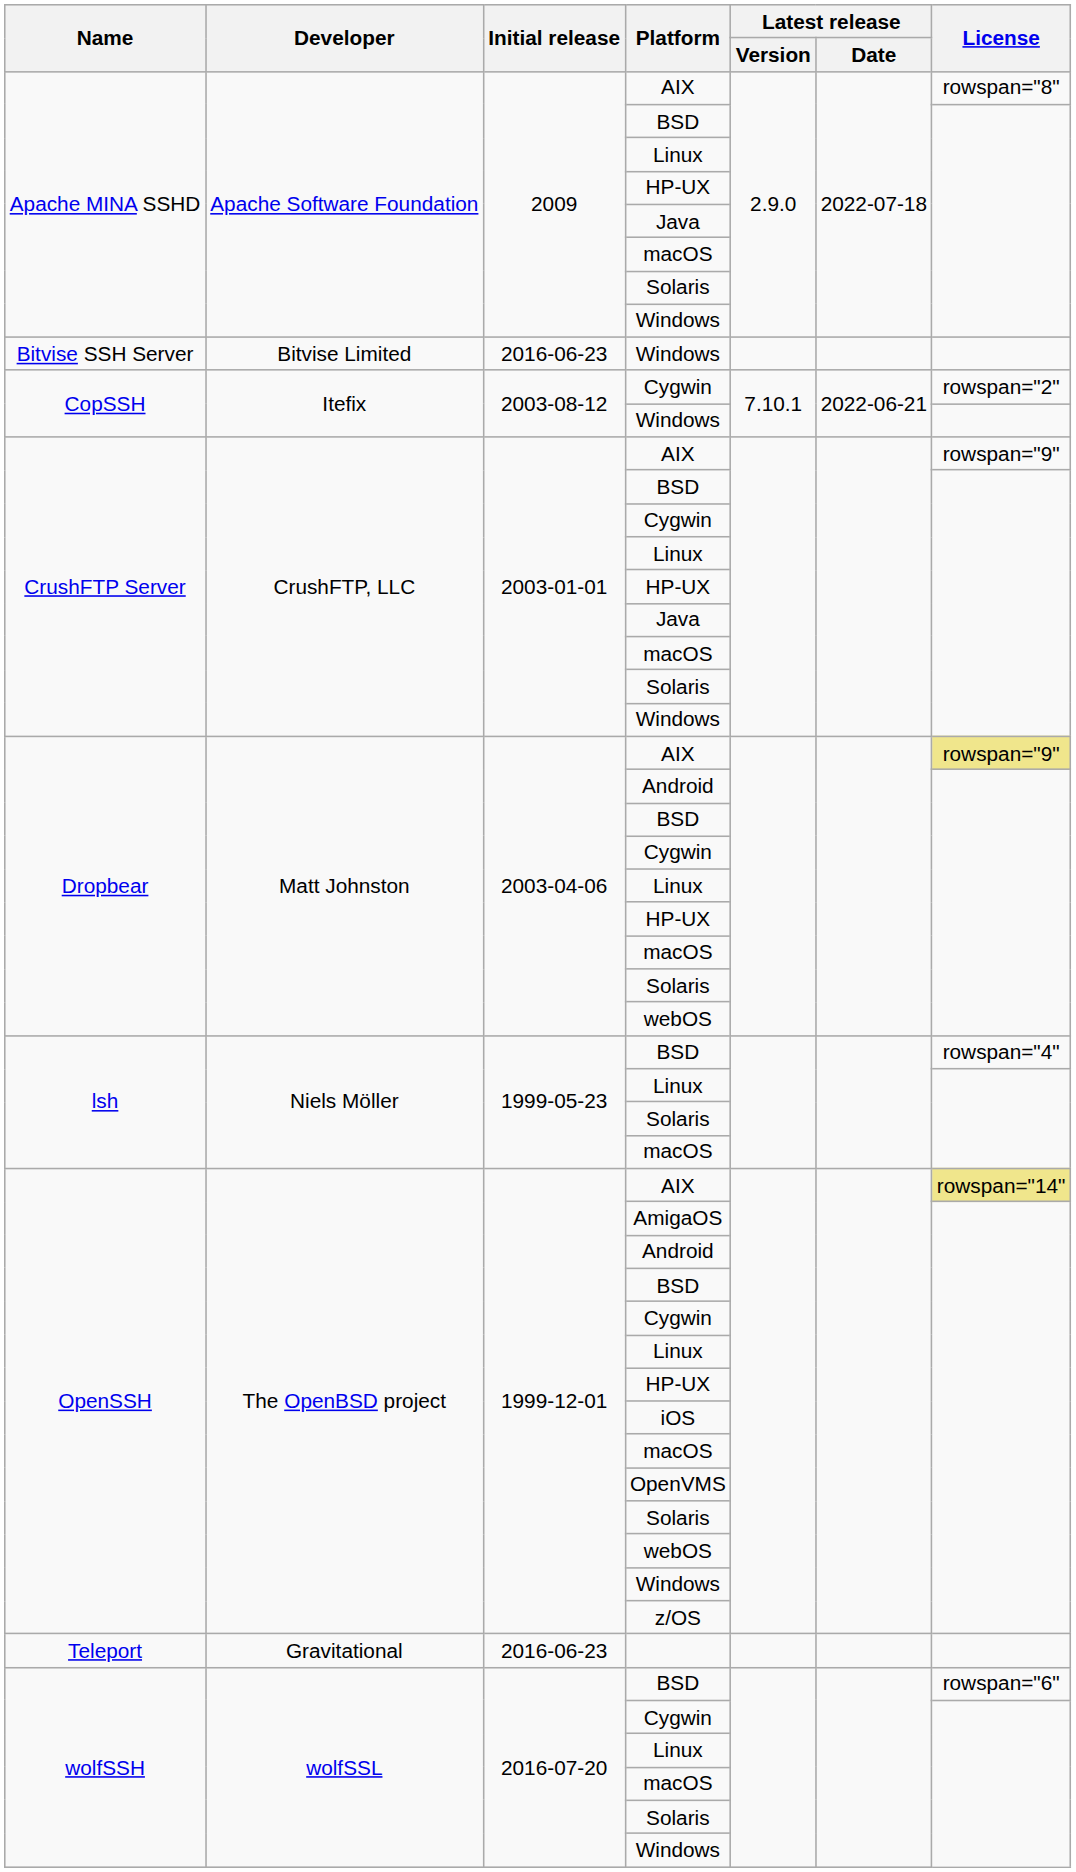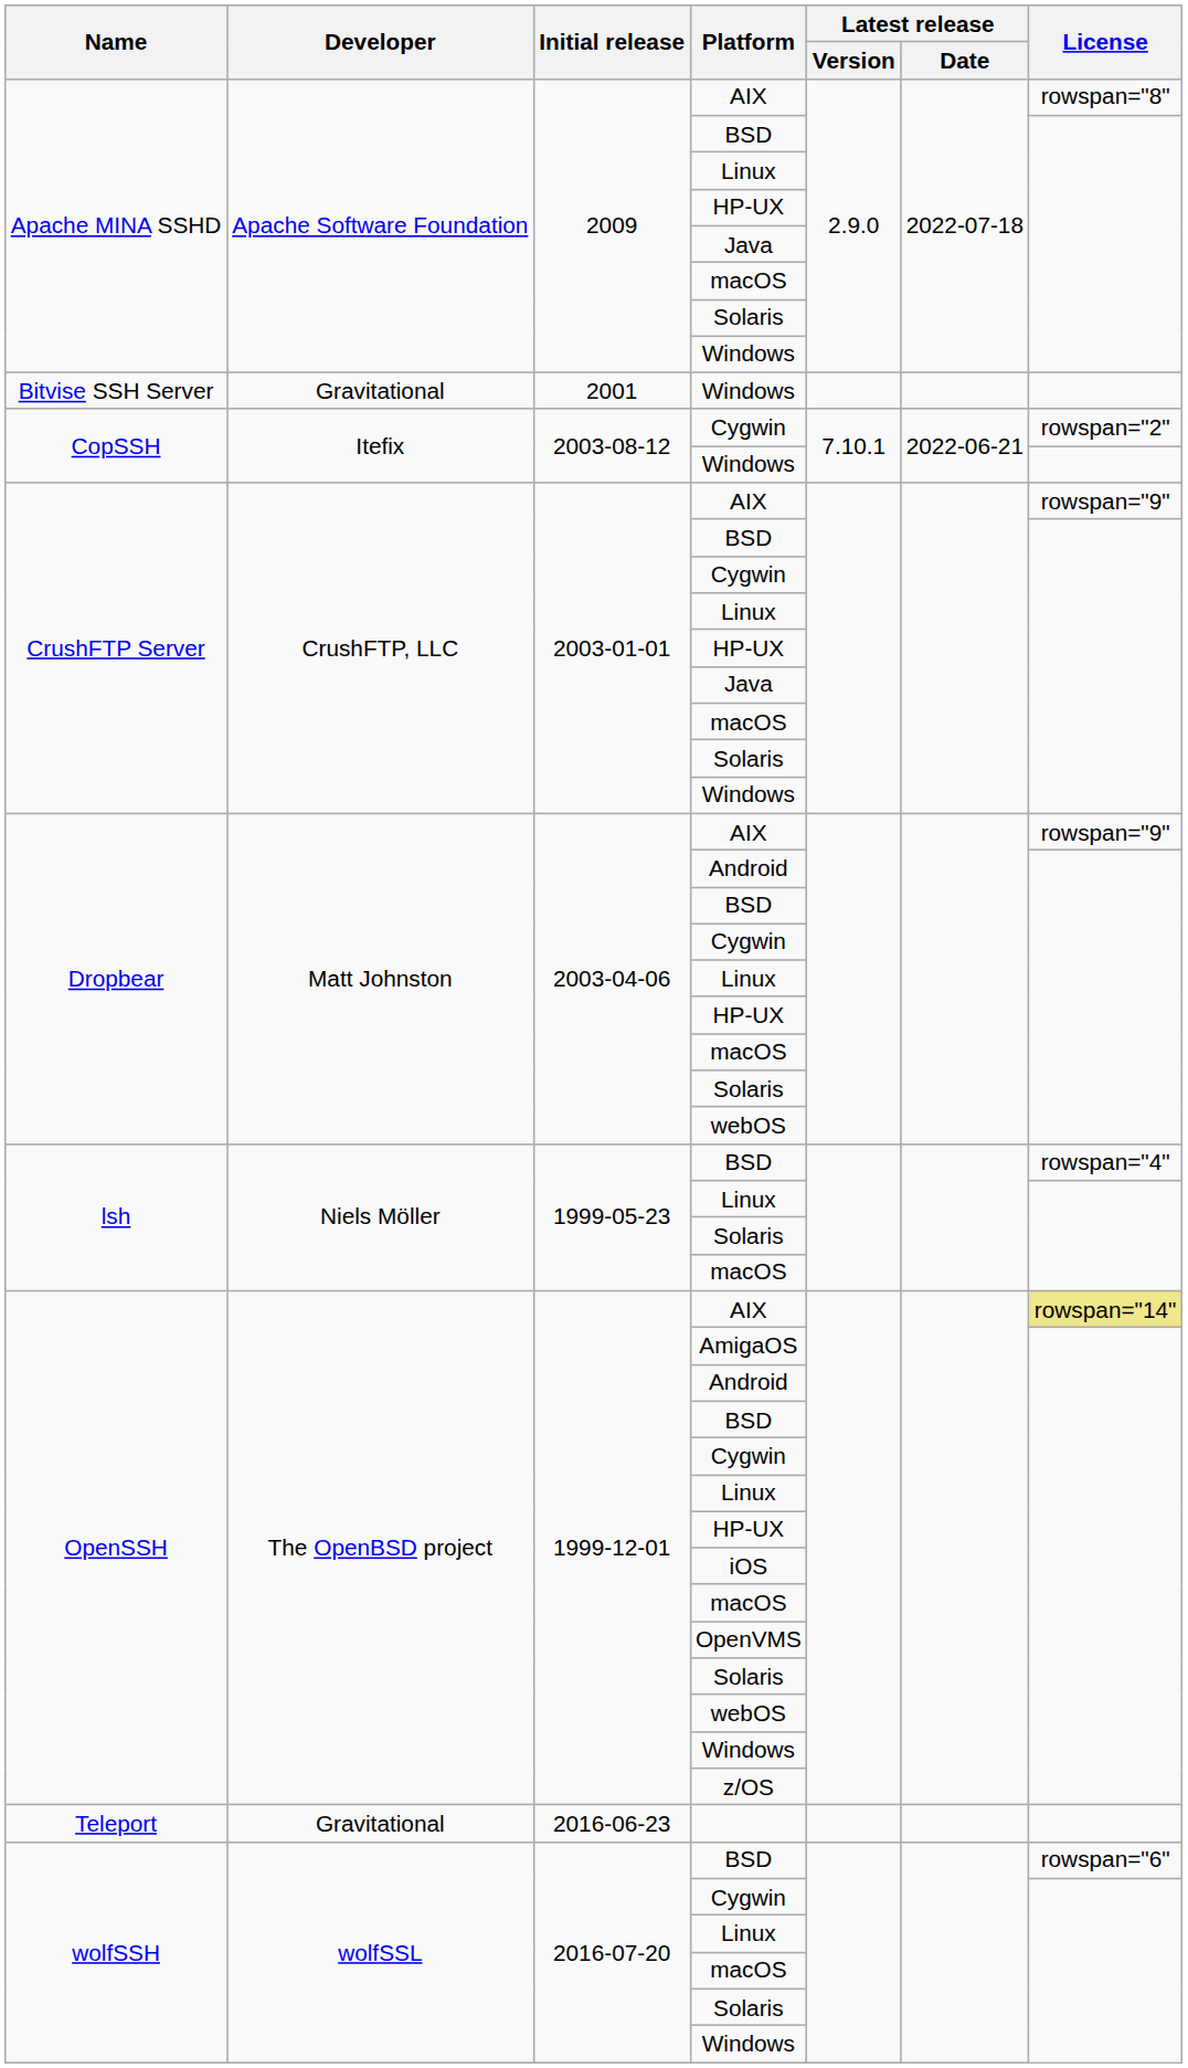 <table class="wikitable sortable" style="font-size: smaller; text-align: center; width: auto">
 <tr>
 <th rowspan="2">Name</th>
 <th rowspan="2">Developer</th>
 <th rowspan="2">Initial release</th>
 <th rowspan="2">Platform</th>
 <th colspan="2">Latest release</th>
 <th rowspan="2"><a href='#'>License</a></th>
 </tr>
 <tr>
 <th>Version </th>
 <th>Date </th>
 </tr>
 <tr>
 <td rowspan="8" ><a href='#'>Apache MINA</a> SSHD</td>
 <td rowspan="8"><a href='#'>Apache Software Foundation</a></td>
 <td rowspan="8">2009</td>
 <td>AIX</td>
 <td rowspan="8">2.9.0</td>
 <td rowspan="8">2022-07-18</td>
 <td>rowspan="8" </td>
 </tr>
 <tr>
 <td>BSD</td>
 </tr>
 <tr>
 <td>Linux</td>
 </tr>
 <tr>
 <td>HP-UX</td>
 </tr>
 <tr>
 <td>Java</td>
 </tr>
 <tr>
 <td>macOS</td>
 </tr>
 <tr>
 <td>Solaris</td>
 </tr>
 <tr>
 <td>Windows</td>
 </tr>
 <tr>
 <td><a href='#'>Bitvise</a> SSH Server</td>
-<td>Bitvise Limited</td>
-<td>2016-06-23</td>
+<td>Gravitational</td>
+<td>2001</td>
 <td>Windows</td>
 <td></td>
 <td></td>
 <td></td>
 </tr>
 <tr>
 <td rowspan="2" ><a href='#'>CopSSH</a></td>
 <td rowspan="2">Itefix</td>
 <td rowspan="2">2003-08-12</td>
 <td>Cygwin</td>
 <td rowspan="2">7.10.1</td>
 <td rowspan="2">2022-06-21</td>
 <td>rowspan="2" </td>
 </tr>
 <tr>
 <td>Windows</td>
 </tr>
 <tr>
 <td rowspan="9" ><a href='#'>CrushFTP Server</a></td>
 <td rowspan="9">CrushFTP, LLC</td>
 <td rowspan="9">2003-01-01</td>
 <td>AIX</td>
 <td rowspan="9"></td>
 <td rowspan="9"></td>
 <td>rowspan="9" </td>
 </tr>
 <tr>
 <td>BSD</td>
 </tr>
 <tr>
 <td>Cygwin</td>
 </tr>
 <tr>
 <td>Linux</td>
 </tr>
 <tr>
 <td>HP-UX</td>
 </tr>
 <tr>
 <td>Java</td>
 </tr>
 <tr>
 <td>macOS</td>
 </tr>
 <tr>
 <td>Solaris</td>
 </tr>
 <tr>
 <td>Windows</td>
 </tr>
 <tr>
 <td rowspan="9" ><a href='#'>Dropbear</a></td>
 <td rowspan="9">Matt Johnston</td>
 <td rowspan="9">2003-04-06</td>
 <td>AIX</td>
 <td rowspan="9"></td>
 <td rowspan="9"></td>
-<td style="background: khaki;">rowspan="9" </td>
+<td>rowspan="9" </td>
 </tr>
 <tr>
 <td>Android</td>
 </tr>
 <tr>
 <td>BSD</td>
 </tr>
 <tr>
 <td>Cygwin</td>
 </tr>
 <tr>
 <td>Linux</td>
 </tr>
 <tr>
 <td>HP-UX</td>
 </tr>
 <tr>
 <td>macOS</td>
 </tr>
 <tr>
 <td>Solaris</td>
 </tr>
 <tr>
 <td>webOS</td>
 </tr>
 <tr>
 <td rowspan="4" ><a href='#'>lsh</a></td>
 <td rowspan="4">Niels Möller</td>
 <td rowspan="4">1999-05-23</td>
 <td>BSD</td>
 <td rowspan="4"></td>
 <td rowspan="4"></td>
 <td>rowspan="4" </td>
 </tr>
 <tr>
 <td>Linux</td>
 </tr>
 <tr>
 <td>Solaris</td>
 </tr>
 <tr>
 <td>macOS</td>
 </tr>
 <tr>
 <td rowspan="14" ><a href='#'>OpenSSH</a></td>
 <td rowspan="14">The <a href='#'>OpenBSD</a> project</td>
 <td rowspan="14">1999-12-01</td>
 <td>AIX</td>
 <td rowspan="14"></td>
 <td rowspan="14"></td>
 <td style="background: khaki;">rowspan="14" </td>
 </tr>
 <tr>
 <td>AmigaOS</td>
 </tr>
 <tr>
 <td>Android</td>
 </tr>
 <tr>
 <td>BSD</td>
 </tr>
 <tr>
 <td>Cygwin</td>
 </tr>
 <tr>
 <td>Linux</td>
 </tr>
 <tr>
 <td>HP-UX</td>
 </tr>
 <tr>
 <td>iOS</td>
 </tr>
 <tr>
 <td>macOS</td>
 </tr>
 <tr>
 <td>OpenVMS</td>
 </tr>
 <tr>
 <td>Solaris</td>
 </tr>
 <tr>
 <td>webOS</td>
 </tr>
 <tr>
 <td>Windows</td>
 </tr>
 <tr>
 <td>z/OS</td>
 </tr>
 <tr>
 <td><a href='#'>Teleport</a></td>
 <td>Gravitational</td>
 <td>2016-06-23</td>
 <td></td>
 <td></td>
 <td></td>
 <td></td>
 </tr>
 <tr>
 <td rowspan="6" ><a href='#'>wolfSSH</a></td>
 <td rowspan="6"><a href='#'>wolfSSL</a></td>
 <td rowspan="6">2016-07-20</td>
 <td>BSD</td>
 <td rowspan="6"></td>
 <td rowspan="6"></td>
 <td>rowspan="6" </td>
 </tr>
 <tr>
 <td>Cygwin</td>
 </tr>
 <tr>
 <td>Linux</td>
 </tr>
 <tr>
 <td>macOS</td>
 </tr>
 <tr>
 <td>Solaris</td>
 </tr>
 <tr>
 <td>Windows</td>
 </tr>
 <tr>
 </tr>
 </table>
